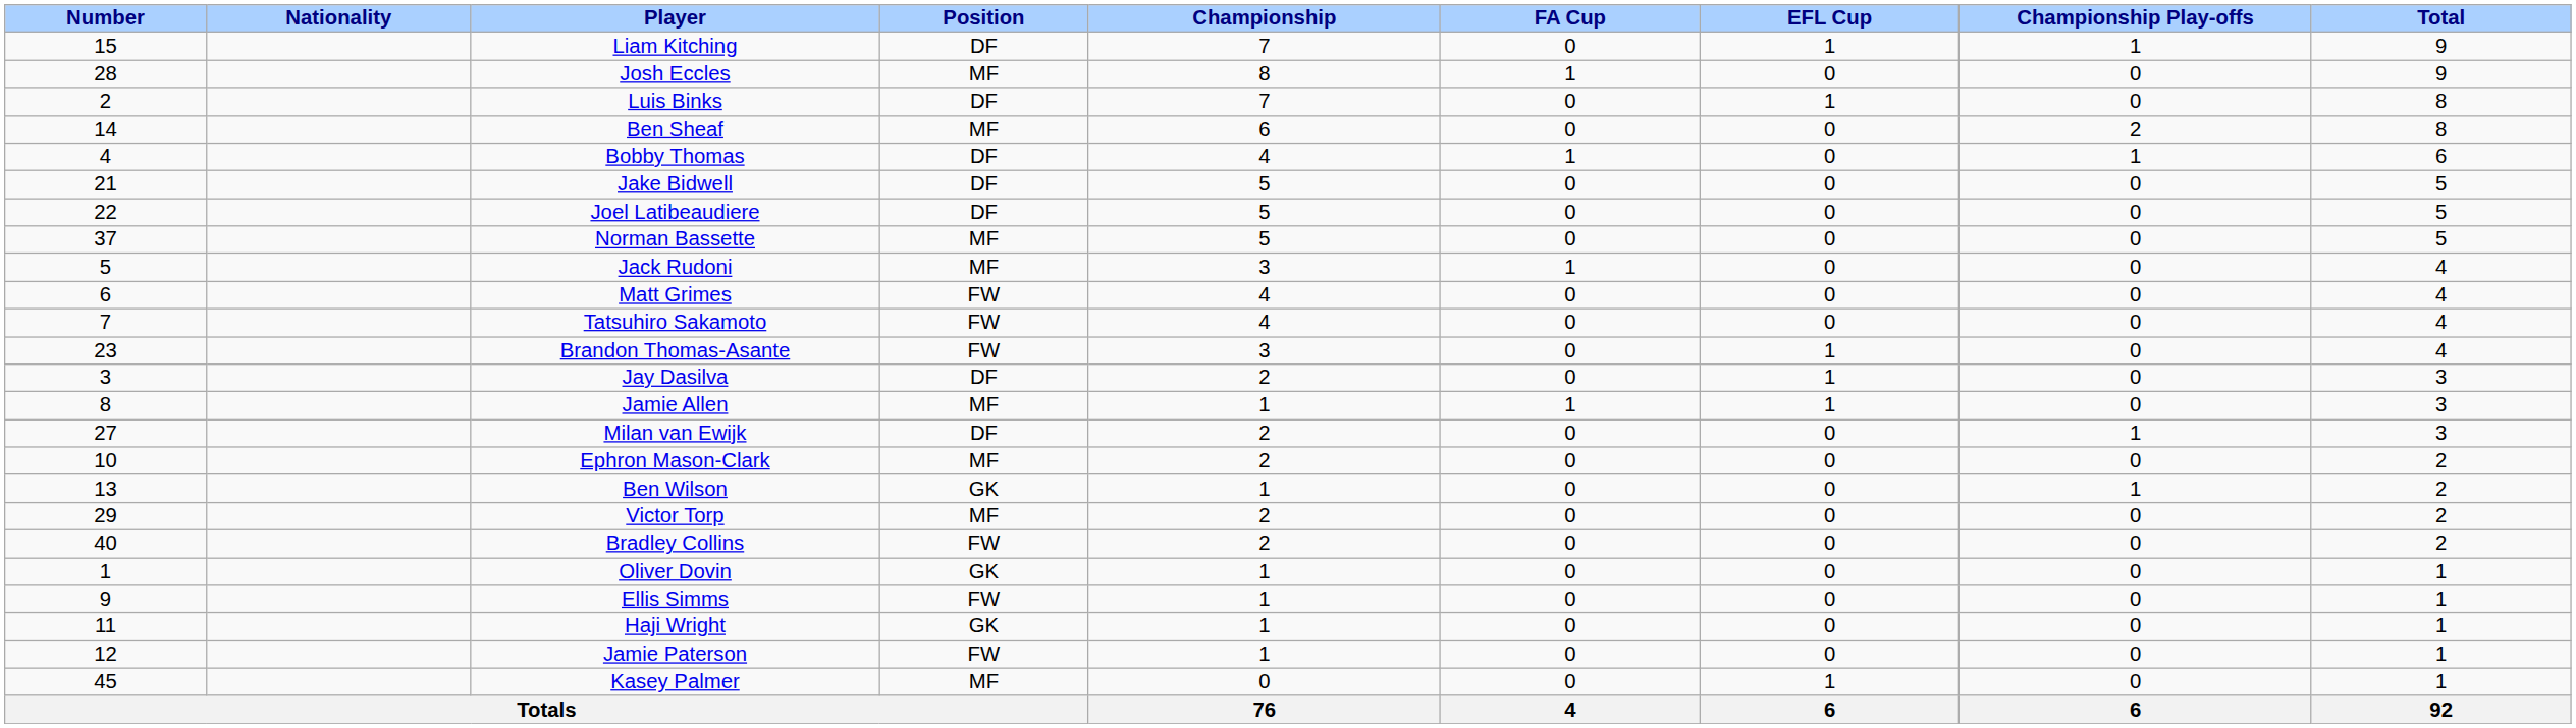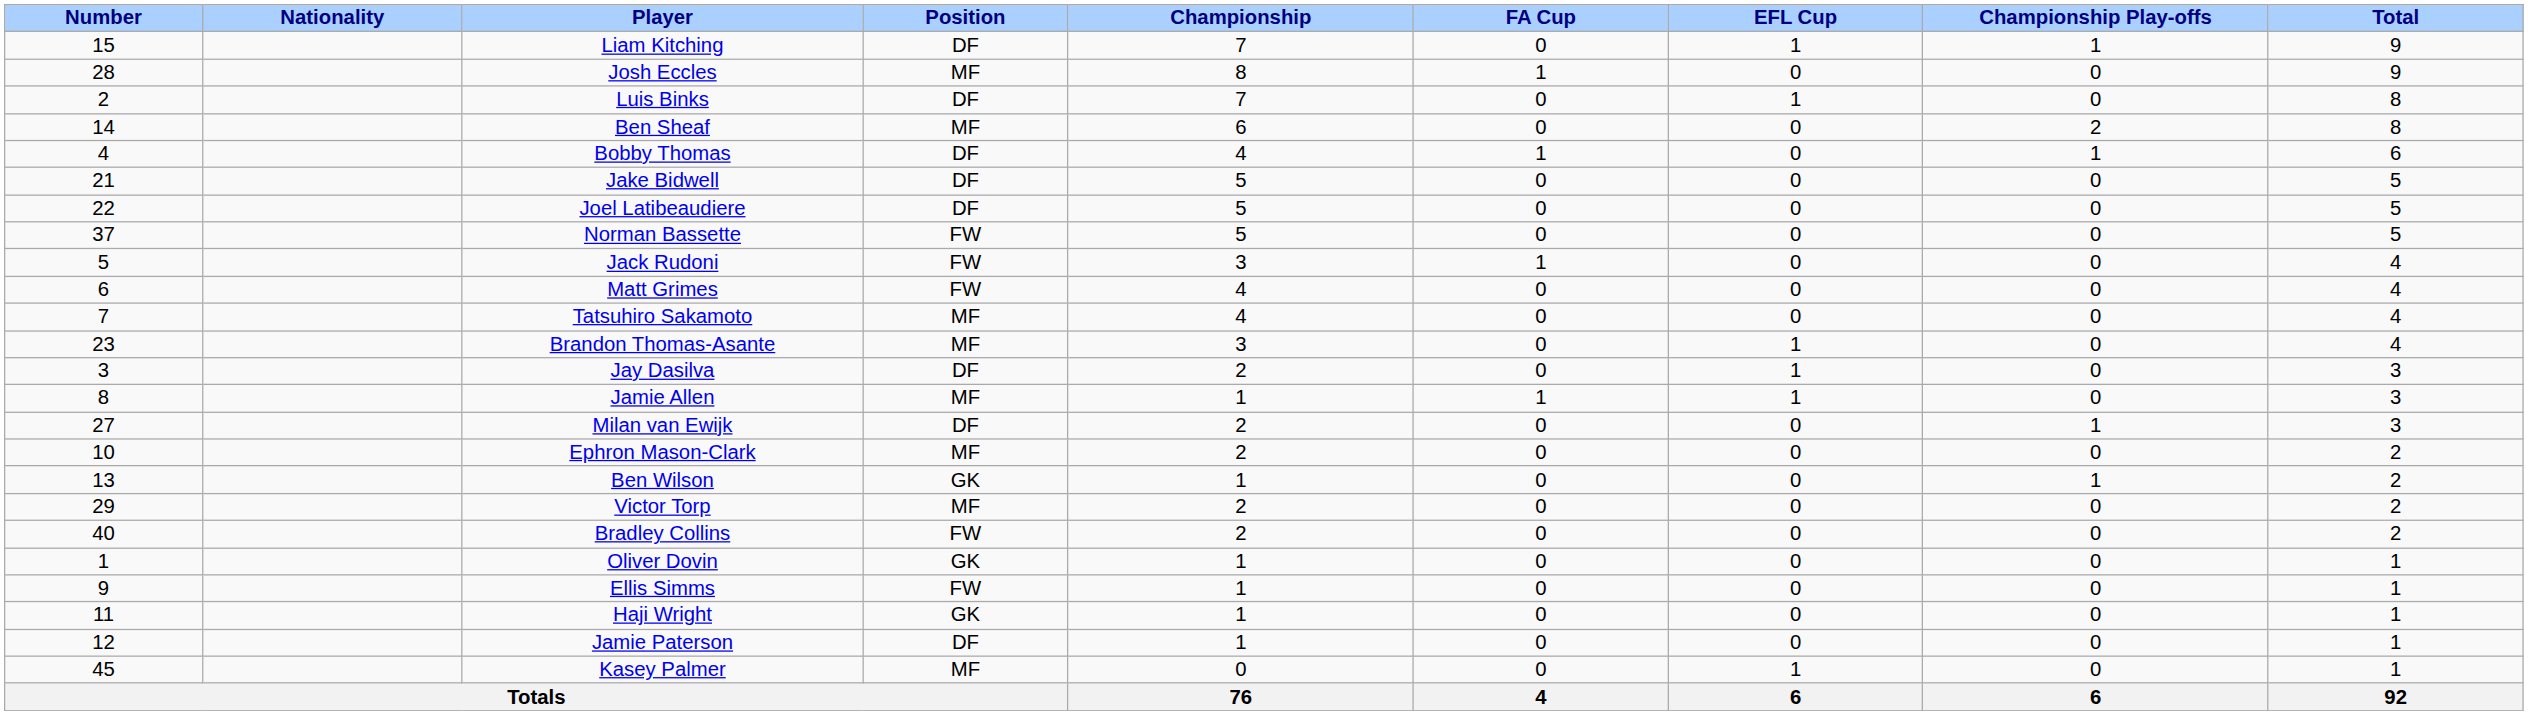 <table class="wikitable sortable alternance" style="font-size:100%; text-align:center; line-height:14px; width:100%;">
 <tr>
 <th style="background:#AAD0FF; color:#000080; width:50px;">Number</th>
 <th style="background:#AAD0FF; color:#000080; width:50px;">Nationality</th>
 <th style="background:#AAD0FF; color:#000080; width:130px;">Player</th>
 <th style="background:#AAD0FF; color:#000080; width:50px;">Position</th>
 <th style="background:#AAD0FF; color:#000080; width:80px;">Championship</th>
 <th style="background:#AAD0FF; color:#000080; width:80px;">FA Cup</th>
 <th style="background:#AAD0FF; color:#000080; width:80px;">EFL Cup</th>
 <th style="background:#AAD0FF; color:#000080; width:100px;">Championship Play-offs</th>
 <th style="background:#AAD0FF; color:#000080; width:80px;">Total</th>
 </tr>
 <tr>
 <td>15</td>
 <td></td>
 <td><a href='#'>Liam Kitching</a></td>
 <td>DF</td>
 <td>7</td>
 <td>0</td>
 <td>1</td>
 <td>1</td>
 <td>9</td>
 </tr>
 <tr>
 <td>28</td>
 <td></td>
 <td><a href='#'>Josh Eccles</a></td>
 <td>MF</td>
 <td>8</td>
 <td>1</td>
 <td>0</td>
 <td>0</td>
 <td>9</td>
 </tr>
 <tr>
 <td>2</td>
 <td></td>
 <td><a href='#'>Luis Binks</a></td>
 <td>DF</td>
 <td>7</td>
 <td>0</td>
 <td>1</td>
 <td>0</td>
 <td>8</td>
 </tr>
 <tr>
 <td>14</td>
 <td></td>
 <td><a href='#'>Ben Sheaf</a></td>
 <td>MF</td>
 <td>6</td>
 <td>0</td>
 <td>0</td>
 <td>2</td>
 <td>8</td>
 </tr>
 <tr>
 <td>4</td>
 <td></td>
 <td><a href='#'>Bobby Thomas</a></td>
 <td>DF</td>
 <td>4</td>
 <td>1</td>
 <td>0</td>
 <td>1</td>
 <td>6</td>
 </tr>
 <tr>
 <td>21</td>
 <td></td>
 <td><a href='#'>Jake Bidwell</a></td>
 <td>DF</td>
 <td>5</td>
 <td>0</td>
 <td>0</td>
 <td>0</td>
 <td>5</td>
 </tr>
 <tr>
 <td>22</td>
 <td></td>
 <td><a href='#'>Joel Latibeaudiere</a></td>
 <td>DF</td>
 <td>5</td>
 <td>0</td>
 <td>0</td>
 <td>0</td>
 <td>5</td>
 </tr>
 <tr>
 <td>37</td>
 <td></td>
 <td><a href='#'>Norman Bassette</a></td>
-<td>MF</td>
+<td>FW</td>
 <td>5</td>
 <td>0</td>
 <td>0</td>
 <td>0</td>
 <td>5</td>
 </tr>
 <tr>
 <td>5</td>
 <td></td>
 <td><a href='#'>Jack Rudoni</a></td>
-<td>MF</td>
+<td>FW</td>
 <td>3</td>
 <td>1</td>
 <td>0</td>
 <td>0</td>
 <td>4</td>
 </tr>
 <tr>
 <td>6</td>
 <td></td>
 <td><a href='#'>Matt Grimes</a></td>
 <td>FW</td>
 <td>4</td>
 <td>0</td>
 <td>0</td>
 <td>0</td>
 <td>4</td>
 </tr>
 <tr>
 <td>7</td>
 <td></td>
 <td><a href='#'>Tatsuhiro Sakamoto</a></td>
-<td>FW</td>
+<td>MF</td>
 <td>4</td>
 <td>0</td>
 <td>0</td>
 <td>0</td>
 <td>4</td>
 </tr>
 <tr>
 <td>23</td>
 <td></td>
 <td><a href='#'>Brandon Thomas-Asante</a></td>
-<td>FW</td>
+<td>MF</td>
 <td>3</td>
 <td>0</td>
 <td>1</td>
 <td>0</td>
 <td>4</td>
 </tr>
 <tr>
 <td>3</td>
 <td></td>
 <td><a href='#'>Jay Dasilva</a></td>
 <td>DF</td>
 <td>2</td>
 <td>0</td>
 <td>1</td>
 <td>0</td>
 <td>3</td>
 </tr>
 <tr>
 <td>8</td>
 <td></td>
 <td><a href='#'>Jamie Allen</a></td>
 <td>MF</td>
 <td>1</td>
 <td>1</td>
 <td>1</td>
 <td>0</td>
 <td>3</td>
 </tr>
 <tr>
 <td>27</td>
 <td></td>
 <td><a href='#'>Milan van Ewijk</a></td>
 <td>DF</td>
 <td>2</td>
 <td>0</td>
 <td>0</td>
 <td>1</td>
 <td>3</td>
 </tr>
 <tr>
 <td>10</td>
 <td></td>
 <td><a href='#'>Ephron Mason-Clark</a></td>
 <td>MF</td>
 <td>2</td>
 <td>0</td>
 <td>0</td>
 <td>0</td>
 <td>2</td>
 </tr>
 <tr>
 <td>13</td>
 <td></td>
 <td><a href='#'>Ben Wilson</a></td>
 <td>GK</td>
 <td>1</td>
 <td>0</td>
 <td>0</td>
 <td>1</td>
 <td>2</td>
 </tr>
 <tr>
 <td>29</td>
 <td></td>
 <td><a href='#'>Victor Torp</a></td>
 <td>MF</td>
 <td>2</td>
 <td>0</td>
 <td>0</td>
 <td>0</td>
 <td>2</td>
 </tr>
 <tr>
 <td>40</td>
 <td></td>
 <td><a href='#'>Bradley Collins</a></td>
 <td>FW</td>
 <td>2</td>
 <td>0</td>
 <td>0</td>
 <td>0</td>
 <td>2</td>
 </tr>
 <tr>
 <td>1</td>
 <td></td>
 <td><a href='#'>Oliver Dovin</a></td>
 <td>GK</td>
 <td>1</td>
 <td>0</td>
 <td>0</td>
 <td>0</td>
 <td>1</td>
 </tr>
 <tr>
 <td>9</td>
 <td></td>
 <td><a href='#'>Ellis Simms</a></td>
 <td>FW</td>
 <td>1</td>
 <td>0</td>
 <td>0</td>
 <td>0</td>
 <td>1</td>
 </tr>
 <tr>
 <td>11</td>
 <td></td>
 <td><a href='#'>Haji Wright</a></td>
 <td>GK</td>
 <td>1</td>
 <td>0</td>
 <td>0</td>
 <td>0</td>
 <td>1</td>
 </tr>
 <tr>
 <td>12</td>
 <td></td>
 <td><a href='#'>Jamie Paterson</a></td>
-<td>FW</td>
+<td>DF</td>
 <td>1</td>
 <td>0</td>
 <td>0</td>
 <td>0</td>
 <td>1</td>
 </tr>
 <tr>
 <td>45</td>
 <td></td>
 <td><a href='#'>Kasey Palmer</a></td>
 <td>MF</td>
 <td>0</td>
 <td>0</td>
 <td>1</td>
 <td>0</td>
 <td>1</td>
 </tr>
 <tr class="sortbottom">
 <th colspan="4">Totals</th>
 <th>76</th>
 <th>4</th>
 <th>6</th>
 <th>6</th>
 <th>92</th>
 </tr>
 </table>
